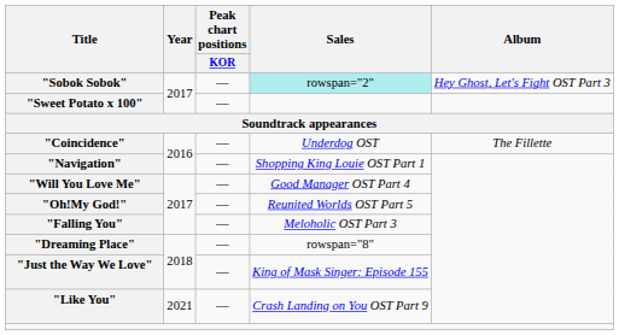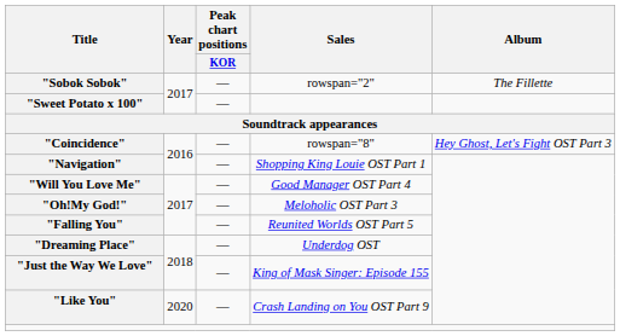 <table class="wikitable plainrowheaders" style="text-align:center">
 <tr>
 <th rowspan="2" style="width:12em;">Title</th>
 <th rowspan="2">Year</th>
 <th colspan="1">Peak chart positions</th>
 <th scope="col" rowspan="2">Sales</th>
 <th rowspan="2">Album</th>
 </tr>
 <tr>
 <th scope="col" style="width:3em;font-size:90%;"><a href='#'>KOR</a><br></th>
 </tr>
 <tr>
 <th scope="row">"Sobok Sobok"<br></th>
 <td rowspan="2">2017</td>
 <td>—</td>
-<td style="background: paleturquoise;">rowspan="2" </td>
-<td><em><a href='#'>Hey Ghost, Let's Fight</a> OST Part 3</em></td>
+<td>rowspan="2" </td>
+<td><em>The Fillette</em></td>
 </tr>
 <tr>
 <th scope="row">"Sweet Potato x 100"<br></th>
 <td>—</td>
 <td></td>
 </tr>
 <tr>
 <th colspan="5">Soundtrack appearances</th>
 </tr>
 <tr>
 <th scope="row">"Coincidence"<br></th>
 <td rowspan="2">2016</td>
 <td>—</td>
-<td><em><a href='#'>Underdog</a> OST</em></td>
-<td><em>The Fillette</em></td>
+<td>rowspan="8" </td>
+<td><em><a href='#'>Hey Ghost, Let's Fight</a> OST Part 3</em></td>
 </tr>
 <tr>
 <th scope="row">"Navigation"</th>
 <td>—</td>
 <td><em><a href='#'>Shopping King Louie</a> OST Part 1</em></td>
 </tr>
 <tr>
 <th scope="row">"Will You Love Me"<br></th>
 <td rowspan="3">2017</td>
 <td>—</td>
 <td><em><a href='#'>Good Manager</a> OST Part 4</em></td>
 </tr>
 <tr>
 <th scope="row">"Oh!My God!"</th>
 <td>—</td>
-<td><em><a href='#'>Reunited Worlds</a> OST Part 5</em></td>
+<td><em><a href='#'>Meloholic</a> OST Part 3</em></td>
 </tr>
 <tr>
 <th scope="row">"Falling You"<br></th>
 <td>—</td>
-<td><em><a href='#'>Meloholic</a> OST Part 3</em></td>
+<td><em><a href='#'>Reunited Worlds</a> OST Part 5</em></td>
 </tr>
 <tr>
 <th scope="row">"Dreaming Place"<br></th>
 <td rowspan="2">2018</td>
 <td>—</td>
-<td>rowspan="8" </td>
+<td><em><a href='#'>Underdog</a> OST</em></td>
 </tr>
 <tr>
 <th scope="row">"Just the Way We Love"<br> <br></th>
 <td>—</td>
 <td><em><a href='#'>King of Mask Singer: Episode 155</a></em></td>
 </tr>
 <tr>
 <th scope="row">"Like You"<br> <br></th>
-<td>2021</td>
+<td>2020</td>
 <td>—</td>
 <td><em><a href='#'>Crash Landing on You</a> OST Part 9</em></td>
 </tr>
 <tr>
 <td colspan="5"></td>
 </tr>
 </table>
